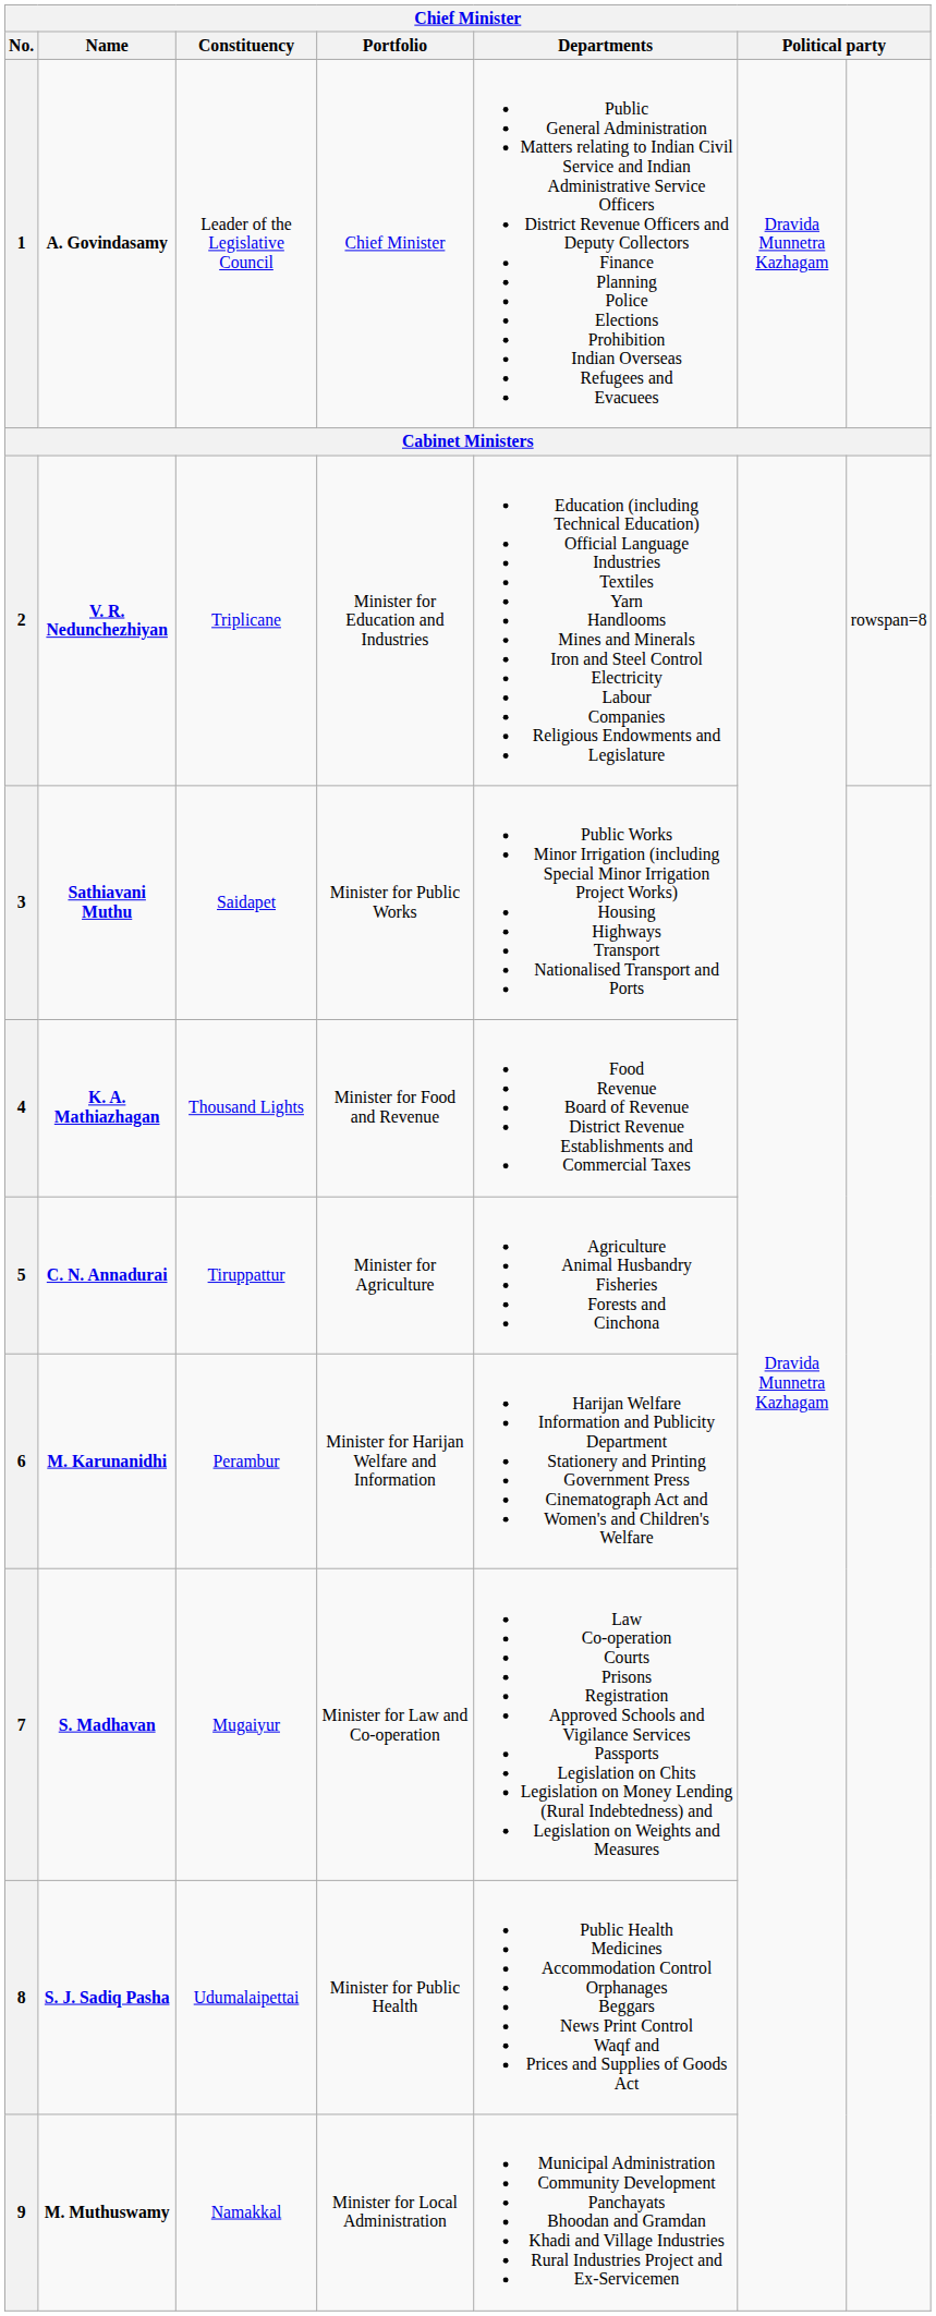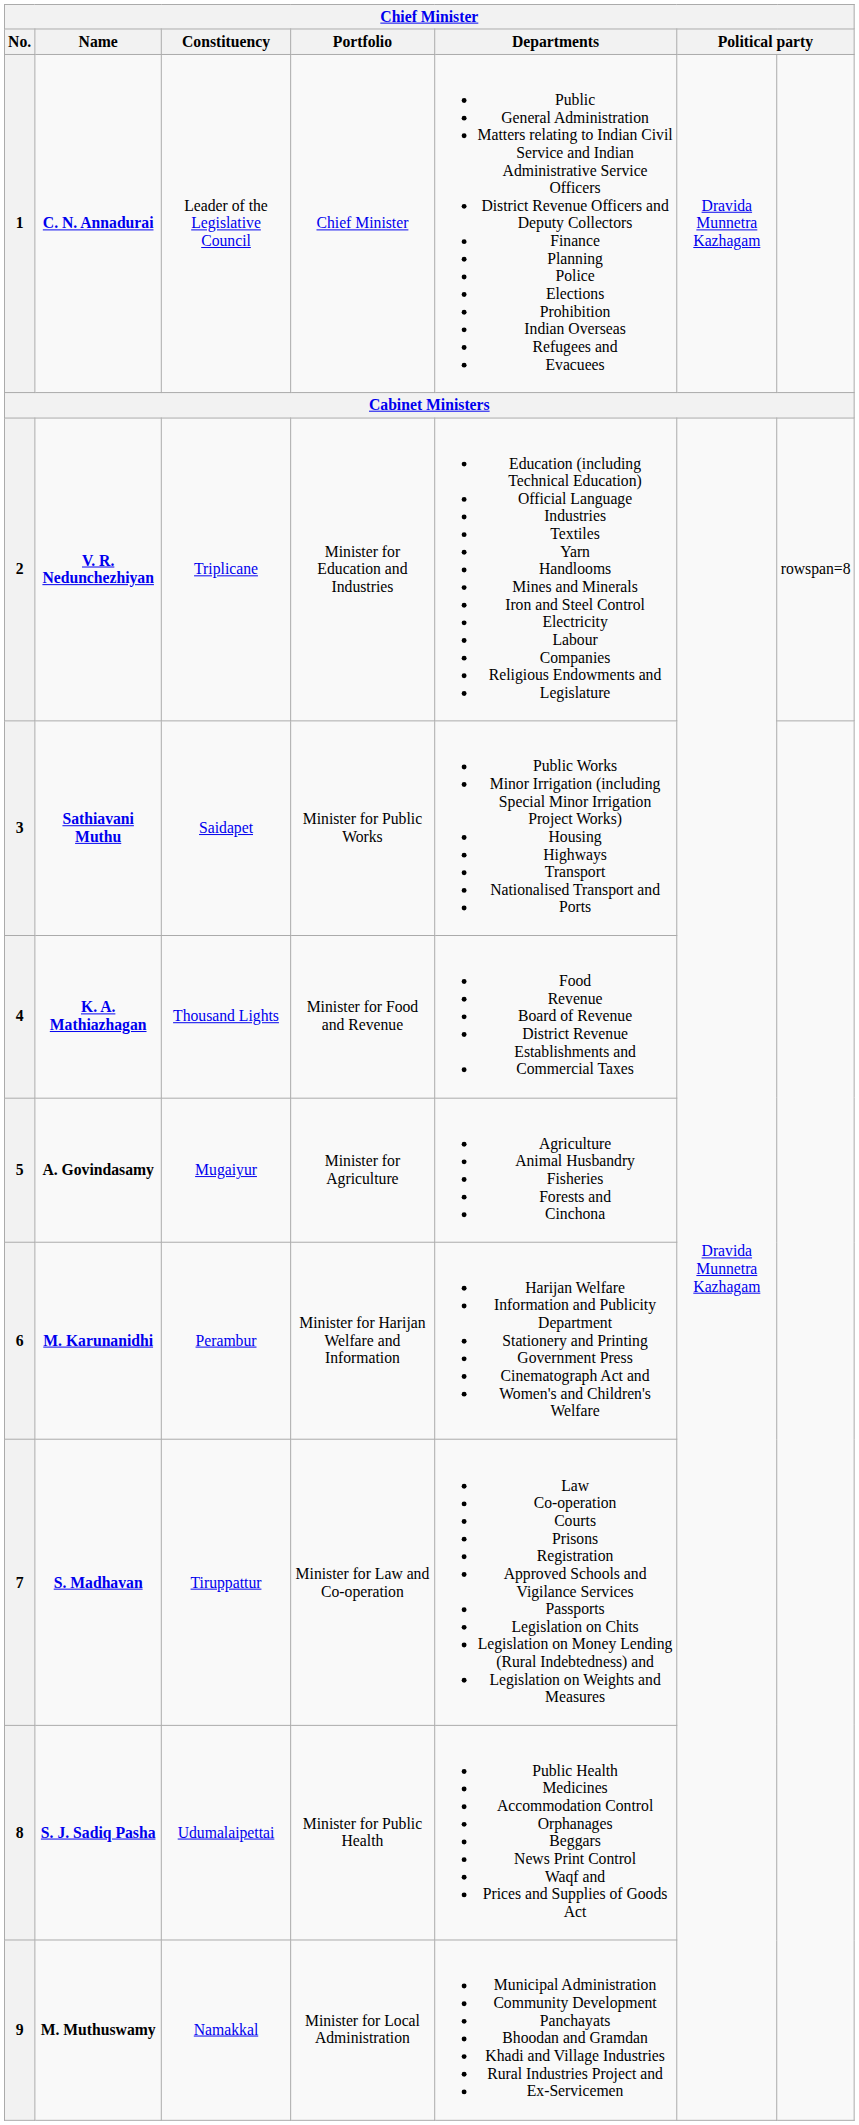 <table class="wikitable" style="text-align:center;">
 <tr>
 <th colspan=7><a href='#'>Chief Minister</a></th>
 </tr>
 <tr>
 <th>No.</th>
 <th>Name</th>
 <th>Constituency</th>
 <th>Portfolio</th>
 <th>Departments</th>
 <th colspan=2>Political party</th>
 </tr>
 <tr>
 <th>1</th>
-<td><strong>A. Govindasamy</strong></td>
+<td><strong><a href='#'>C. N. Annadurai</a></strong></td>
 <td>Leader of the <a href='#'>Legislative Council</a></td>
 <td><a href='#'>Chief Minister</a></td>
 <td><br><ul><li>Public</li><li>General Administration</li><li>Matters relating to Indian Civil Service and Indian Administrative Service Officers</li><li>District Revenue Officers and Deputy Collectors</li><li>Finance</li><li>Planning</li><li>Police</li><li>Elections</li><li>Prohibition</li><li>Indian Overseas</li><li>Refugees and</li><li>Evacuees</li></ul></td>
 <td><a href='#'>Dravida Munnetra Kazhagam</a></td>
 <td></td>
 </tr>
 <tr>
 <th colspan=7><a href='#'>Cabinet Ministers</a></th>
 </tr>
 <tr>
 <th>2</th>
 <td><strong><a href='#'>V. R. Nedunchezhiyan</a></strong></td>
 <td><a href='#'>Triplicane</a></td>
 <td>Minister for Education and Industries</td>
 <td><br><ul><li>Education (including Technical Education)</li><li>Official Language</li><li>Industries</li><li>Textiles</li><li>Yarn</li><li>Handlooms</li><li>Mines and Minerals</li><li>Iron and Steel Control</li><li>Electricity</li><li>Labour</li><li>Companies</li><li>Religious Endowments and</li><li>Legislature</li></ul></td>
 <td rowspan=8><a href='#'>Dravida Munnetra Kazhagam</a></td>
 <td>rowspan=8 </td>
 </tr>
 <tr>
 <th>3</th>
 <td><strong><a href='#'>Sathiavani Muthu</a></strong></td>
 <td><a href='#'>Saidapet</a></td>
 <td>Minister for Public Works</td>
 <td><br><ul><li>Public Works</li><li>Minor Irrigation (including Special Minor Irrigation Project Works)</li><li>Housing</li><li>Highways</li><li>Transport</li><li>Nationalised Transport and</li><li>Ports</li></ul></td>
 </tr>
 <tr>
 <th>4</th>
 <td><strong><a href='#'>K. A. Mathiazhagan</a></strong></td>
 <td><a href='#'>Thousand Lights</a></td>
 <td>Minister for Food and Revenue</td>
 <td><br><ul><li>Food</li><li>Revenue</li><li>Board of Revenue</li><li>District Revenue Establishments and</li><li>Commercial Taxes</li></ul></td>
 </tr>
 <tr>
 <th>5</th>
-<td><strong><a href='#'>C. N. Annadurai</a></strong></td>
-<td><a href='#'>Tiruppattur</a></td>
+<td><strong>A. Govindasamy</strong></td>
+<td><a href='#'>Mugaiyur</a></td>
 <td>Minister for Agriculture</td>
 <td><br><ul><li>Agriculture</li><li>Animal Husbandry</li><li>Fisheries</li><li>Forests and</li><li>Cinchona</li></ul></td>
 </tr>
 <tr>
 <th>6</th>
 <td><strong><a href='#'>M. Karunanidhi</a></strong></td>
 <td><a href='#'>Perambur</a></td>
 <td>Minister for Harijan Welfare and Information</td>
 <td><br><ul><li>Harijan Welfare</li><li>Information and Publicity Department</li><li>Stationery and Printing</li><li>Government Press</li><li>Cinematograph Act and</li><li>Women's and Children's Welfare</li></ul></td>
 </tr>
 <tr>
 <th>7</th>
 <td><strong><a href='#'>S. Madhavan</a></strong></td>
-<td><a href='#'>Mugaiyur</a></td>
+<td><a href='#'>Tiruppattur</a></td>
 <td>Minister for Law and Co-operation</td>
 <td><br><ul><li>Law</li><li>Co-operation</li><li>Courts</li><li>Prisons</li><li>Registration</li><li>Approved Schools and Vigilance Services</li><li>Passports</li><li>Legislation on Chits</li><li>Legislation on Money Lending (Rural Indebtedness) and</li><li>Legislation on Weights and Measures</li></ul></td>
 </tr>
 <tr>
 <th>8</th>
 <td><strong><a href='#'>S. J. Sadiq Pasha</a></strong></td>
 <td><a href='#'>Udumalaipettai</a></td>
 <td>Minister for Public Health</td>
 <td><br><ul><li>Public Health</li><li>Medicines</li><li>Accommodation Control</li><li>Orphanages</li><li>Beggars</li><li>News Print Control</li><li>Waqf and</li><li>Prices and Supplies of Goods Act</li></ul></td>
 </tr>
 <tr>
 <th>9</th>
 <td><strong>M. Muthuswamy</strong></td>
 <td><a href='#'>Namakkal</a></td>
 <td>Minister for Local Administration</td>
 <td><br><ul><li>Municipal Administration</li><li>Community Development</li><li>Panchayats</li><li>Bhoodan and Gramdan</li><li>Khadi and Village Industries</li><li>Rural Industries Project and</li><li>Ex-Servicemen</li></ul></td>
 </tr>
 </table>
